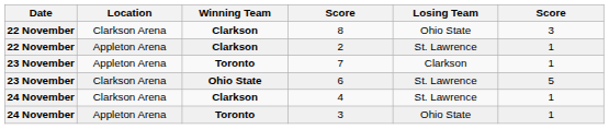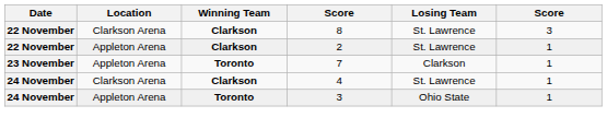 <table class="wikitable" style="text-align:center" cellpadding=2 cellspacing=2>
 <tr>
 <th>Date</th>
 <th scope="col" width="150">Location</th>
 <th scope="col" width="150">Winning Team</th>
 <th scope="col" width="150">Score</th>
 <th scope="col" width="150">Losing Team</th>
 <th scope="col" width="150">Score</th>
 </tr>
 <tr>
 <th>22 November</th>
 <td>Clarkson Arena</td>
 <td><strong>Clarkson</strong></td>
 <td>8</td>
-<td>Ohio State</td>
+<td>St. Lawrence</td>
 <td>3</td>
 </tr>
 <tr bgcolor=f0f0f0>
 <th>22 November</th>
 <td>Appleton Arena</td>
 <td><strong>Clarkson</strong></td>
 <td>2</td>
 <td>St. Lawrence</td>
 <td>1</td>
 </tr>
 <tr>
 <th>23 November</th>
 <td>Appleton Arena</td>
 <td><strong>Toronto</strong></td>
 <td>7</td>
 <td>Clarkson</td>
 <td>1</td>
 </tr>
-<tr bgcolor=f0f0f0>
-<th>23 November</th>
-<td>Clarkson Arena</td>
-<td><strong>Ohio State</strong></td>
-<td>6</td>
-<td>St. Lawrence</td>
-<td>5</td>
-</tr>
 <tr>
 <th>24 November</th>
 <td>Clarkson Arena</td>
 <td><strong>Clarkson</strong></td>
 <td>4</td>
 <td>St. Lawrence</td>
 <td>1</td>
 </tr>
 <tr bgcolor=f0f0f0>
 <th>24 November</th>
 <td>Appleton Arena</td>
 <td><strong>Toronto</strong></td>
 <td>3</td>
 <td>Ohio State</td>
 <td>1</td>
 </tr>
 </table>
